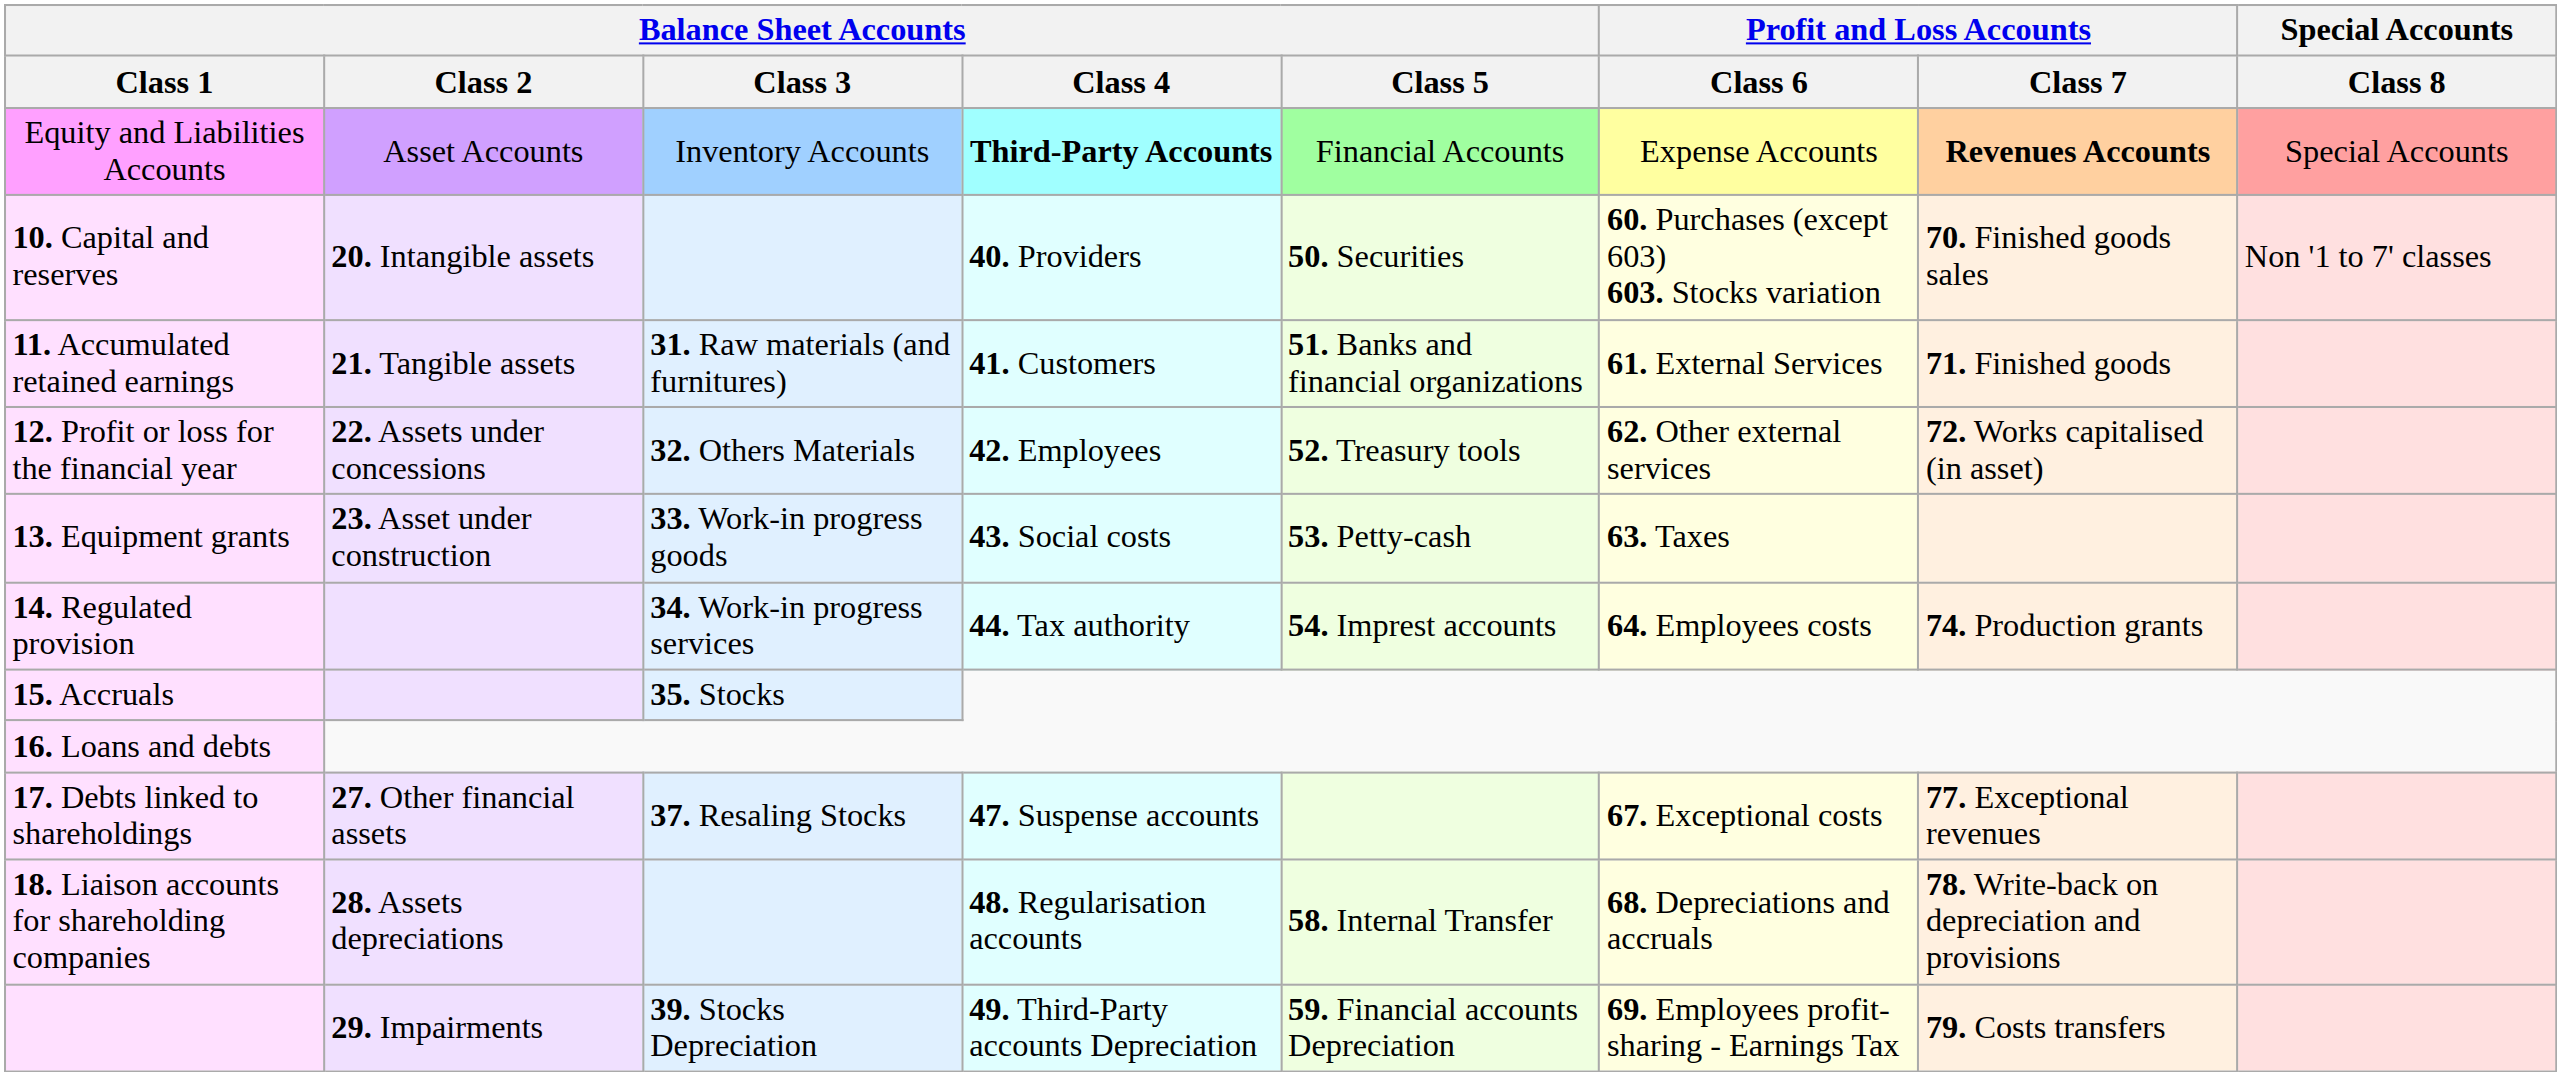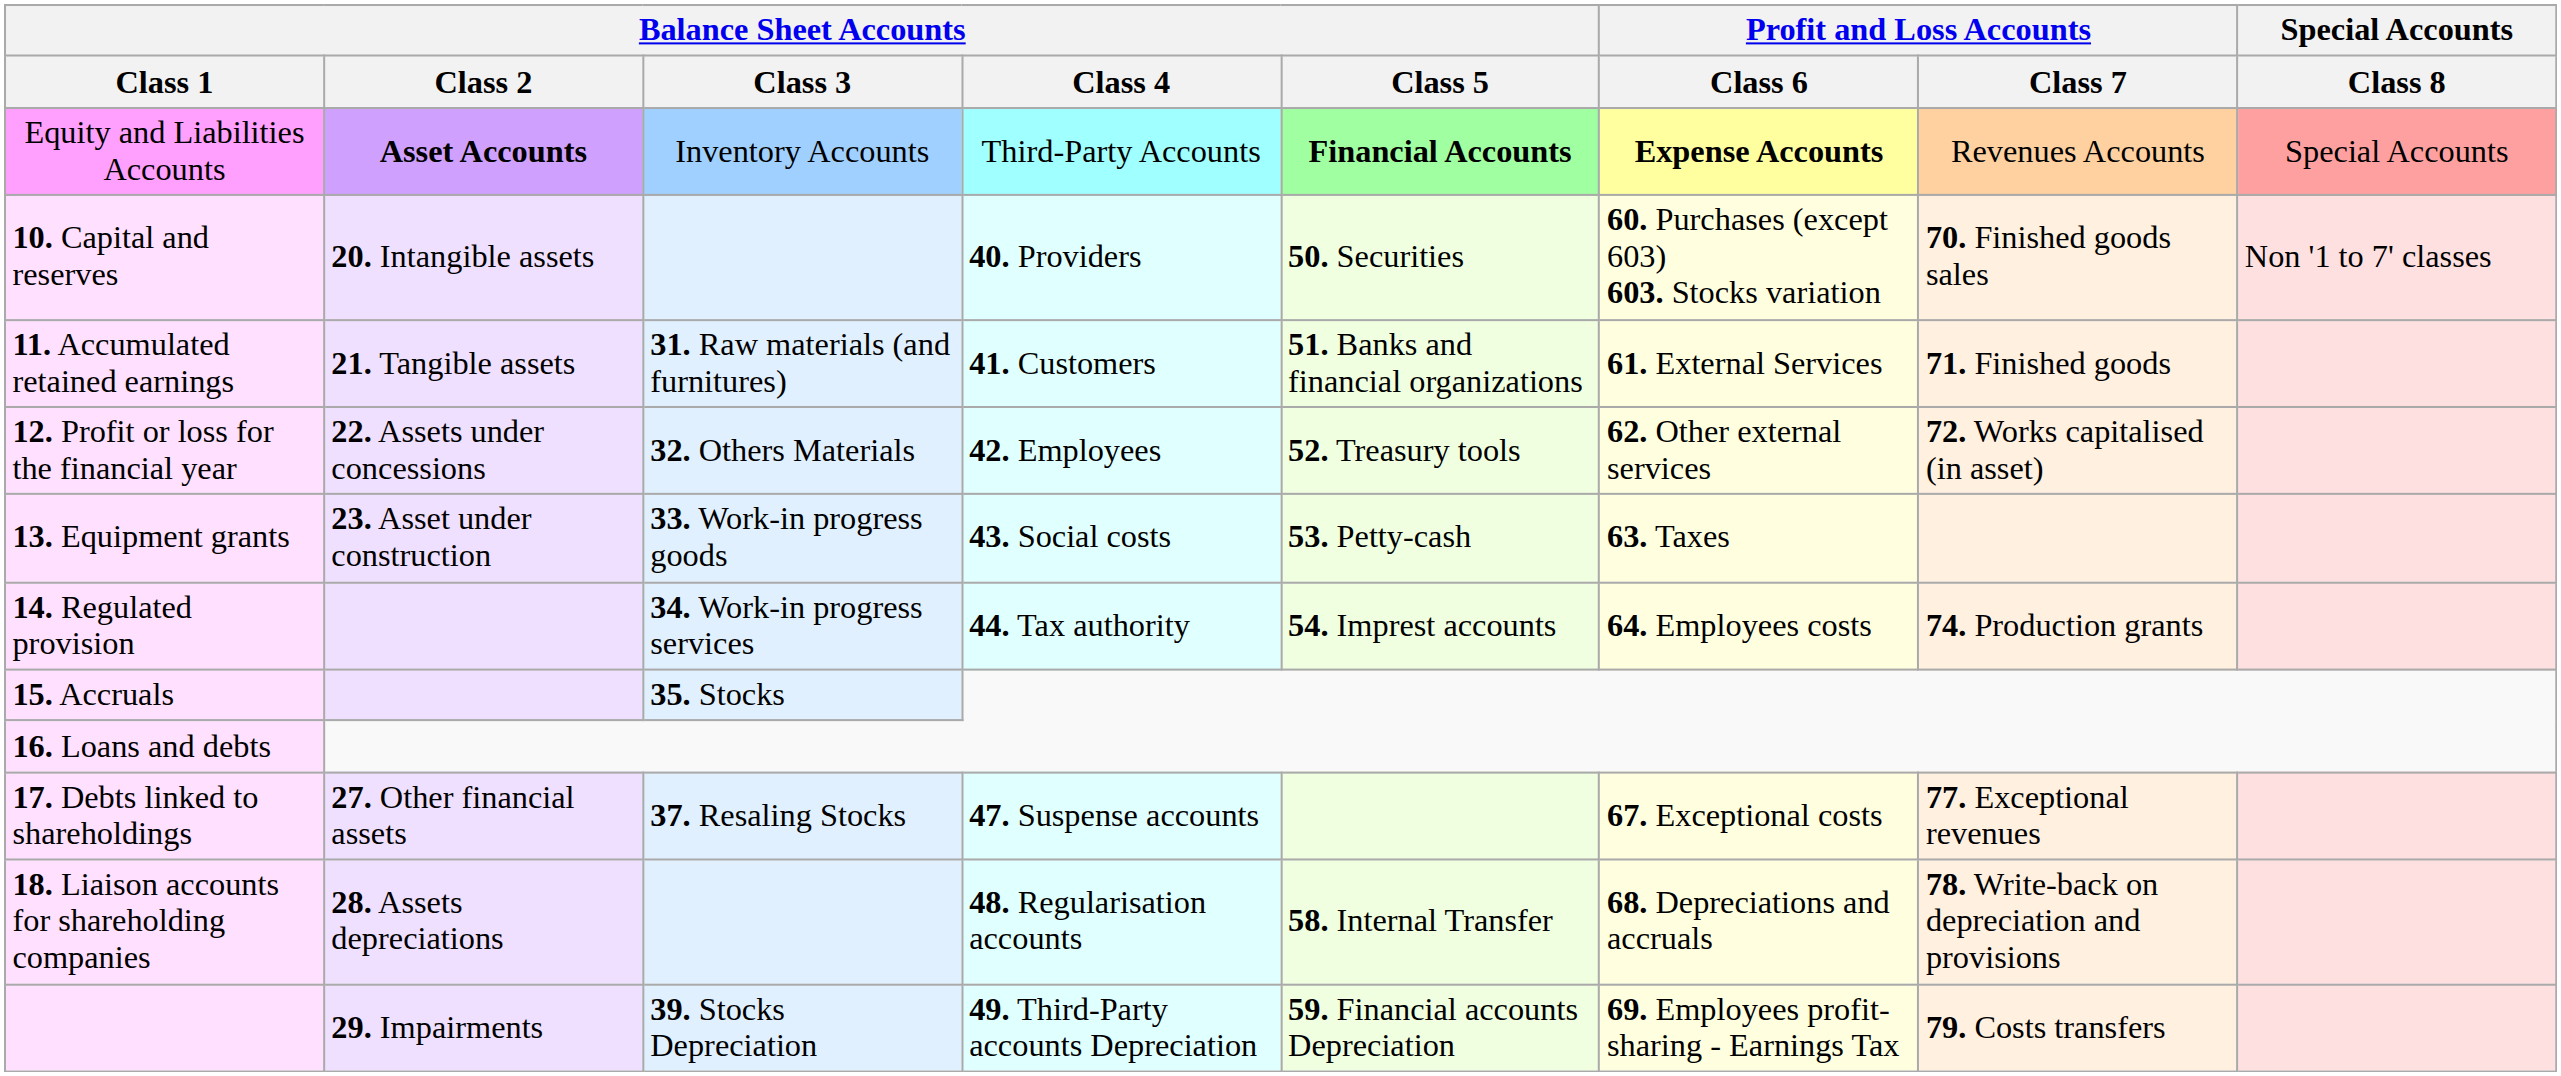 <table width="100%" class="wikitable">
 <tr>
 <th colspan="5"><a href='#'>Balance Sheet Accounts</a></th>
 <th colspan="2"><a href='#'>Profit and Loss Accounts</a></th>
 <th>Special Accounts</th>
 </tr>
 <tr>
 <th width="12.5%" bgcolor="#ffa0ff">Class 1</th>
 <th width="12.5%" bgcolor="#d0a0ff">Class 2</th>
 <th width="12.5%" bgcolor="#a0d0ff">Class 3</th>
 <th width="12.5%" bgcolor="#a0ffff">Class 4</th>
 <th width="12.5%" bgcolor="#a0ffa0">Class 5</th>
 <th width="12.5%" bgcolor="#ffffa0">Class 6</th>
 <th width="12.5%" bgcolor="#ffd0a0">Class 7</th>
 <th width="12.5%" bgcolor="#ffa0a0">Class 8</th>
 </tr>
 <tr>
 <td align="center" bgcolor="#ffa0ff">Equity and Liabilities Accounts</td>
-<td align="center" bgcolor="#d0a0ff">Asset Accounts</td>
+<td align="center" bgcolor="#d0a0ff"><strong>Asset Accounts</strong></td>
 <td align="center" bgcolor="#a0d0ff">Inventory Accounts</td>
-<td align="center" bgcolor="#a0ffff"><strong>Third-Party Accounts</strong></td>
-<td align="center" bgcolor="#a0ffa0">Financial Accounts</td>
-<td align="center" bgcolor="#ffffa0">Expense Accounts</td>
-<td align="center" bgcolor="#ffd0a0"><strong>Revenues Accounts</strong></td>
+<td align="center" bgcolor="#a0ffff">Third-Party Accounts</td>
+<td align="center" bgcolor="#a0ffa0"><strong>Financial Accounts</strong></td>
+<td align="center" bgcolor="#ffffa0"><strong>Expense Accounts</strong></td>
+<td align="center" bgcolor="#ffd0a0">Revenues Accounts</td>
 <td align="center" bgcolor="#ffa0a0">Special Accounts</td>
 </tr>
 <tr>
 <td bgcolor="#ffe0ff"><strong>10.</strong> Capital and reserves</td>
 <td bgcolor="#f0e0ff"><strong>20.</strong> Intangible assets</td>
 <td bgcolor="#e0f0ff"></td>
 <td bgcolor="#e0ffff"><strong>40.</strong> Providers</td>
 <td bgcolor="#efffe0"><strong>50.</strong> Securities</td>
 <td bgcolor="#ffffe0"><strong>60.</strong> Purchases (except 603)<br><strong>603.</strong> Stocks variation</td>
 <td bgcolor="#fff0e0"><strong>70.</strong> Finished goods sales</td>
 <td bgcolor="#ffe0e0">Non '1 to 7' classes</td>
 </tr>
 <tr>
 <td bgcolor="#ffe0ff"><strong>11.</strong> Accumulated retained earnings</td>
 <td bgcolor="#f0e0ff"><strong>21.</strong> Tangible assets</td>
 <td bgcolor="#e0f0ff"><strong>31.</strong> Raw materials (and furnitures)</td>
 <td bgcolor="#e0ffff"><strong>41.</strong> Customers</td>
 <td bgcolor="#efffe0"><strong>51.</strong> Banks and financial organizations</td>
 <td bgcolor="#ffffe0"><strong>61.</strong> External Services</td>
 <td bgcolor="#fff0e0"><strong>71.</strong> Finished goods</td>
 <td bgcolor="#ffe0e0"></td>
 </tr>
 <tr>
 <td bgcolor="#ffe0ff"><strong>12.</strong> Profit or loss for the financial year</td>
 <td bgcolor="#f0e0ff"><strong>22.</strong> Assets under concessions</td>
 <td bgcolor="#e0f0ff"><strong>32.</strong> Others Materials</td>
 <td bgcolor="#e0ffff"><strong>42.</strong> Employees</td>
 <td bgcolor="#efffe0"><strong>52.</strong> Treasury tools</td>
 <td bgcolor="#ffffe0"><strong>62.</strong> Other external services</td>
 <td bgcolor="#fff0e0"><strong>72.</strong> Works capitalised (in asset)</td>
 <td bgcolor="#ffe0e0"></td>
 </tr>
 <tr>
 <td bgcolor="#ffe0ff"><strong>13.</strong> Equipment grants</td>
 <td bgcolor="#f0e0ff"><strong>23.</strong> Asset under construction</td>
 <td bgcolor="#e0f0ff"><strong>33.</strong> Work-in progress goods</td>
 <td bgcolor="#e0ffff"><strong>43.</strong> Social costs</td>
 <td bgcolor="#efffe0"><strong>53.</strong> Petty-cash</td>
 <td bgcolor="#ffffe0"><strong>63.</strong> Taxes</td>
 <td bgcolor="#fff0e0"></td>
 <td bgcolor="#ffe0e0"></td>
 </tr>
 <tr>
 <td bgcolor="#ffe0ff"><strong>14.</strong> Regulated provision</td>
 <td bgcolor="#f0e0ff"></td>
 <td bgcolor="#e0f0ff"><strong>34.</strong> Work-in progress services</td>
 <td bgcolor="#e0ffff"><strong>44.</strong> Tax authority</td>
 <td bgcolor="#efffe0"><strong>54.</strong> Imprest accounts</td>
 <td bgcolor="#ffffe0"><strong>64.</strong> Employees costs</td>
 <td bgcolor="#fff0e0"><strong>74.</strong> Production grants</td>
 <td bgcolor="#ffe0e0"></td>
 </tr>
 <tr>
 <td bgcolor="#ffe0ff"><strong>15.</strong> Accruals</td>
 <td bgcolor="#f0e0ff"></td>
 <td bgcolor="#e0f0ff"><strong>35.</strong> Stocks</td>
 </tr>
 <tr>
 <td bgcolor="#ffe0ff"><strong>16.</strong> Loans and debts</td>
 </tr>
 <tr>
 <td bgcolor="#ffe0ff"><strong>17.</strong> Debts linked to shareholdings</td>
 <td bgcolor="#f0e0ff"><strong>27.</strong> Other financial assets</td>
 <td bgcolor="#e0f0ff"><strong>37.</strong> Resaling Stocks</td>
 <td bgcolor="#e0ffff"><strong>47.</strong> Suspense accounts</td>
 <td bgcolor="#efffe0"></td>
 <td bgcolor="#ffffe0"><strong>67.</strong> Exceptional costs</td>
 <td bgcolor="#fff0e0"><strong>77.</strong> Exceptional revenues</td>
 <td bgcolor="#ffe0e0"></td>
 </tr>
 <tr>
 <td bgcolor="#ffe0ff"><strong>18.</strong> Liaison accounts for shareholding companies</td>
 <td bgcolor="#f0e0ff"><strong>28.</strong> Assets depreciations</td>
 <td bgcolor="#e0f0ff"></td>
 <td bgcolor="#e0ffff"><strong>48.</strong> Regularisation accounts</td>
 <td bgcolor="#efffe0"><strong>58.</strong> Internal Transfer</td>
 <td bgcolor="#ffffe0"><strong>68.</strong> Depreciations and accruals</td>
 <td bgcolor="#fff0e0"><strong>78.</strong> Write-back on depreciation and provisions</td>
 <td bgcolor="#ffe0e0"></td>
 </tr>
 <tr>
 <td bgcolor="#ffe0ff"></td>
 <td bgcolor="#f0e0ff"><strong>29.</strong> Impairments</td>
 <td bgcolor="#e0f0ff"><strong>39.</strong> Stocks Depreciation</td>
 <td bgcolor="#e0ffff"><strong>49.</strong> Third-Party accounts Depreciation</td>
 <td bgcolor="#efffe0"><strong>59.</strong> Financial accounts Depreciation</td>
 <td bgcolor="#ffffe0"><strong>69.</strong> Employees profit-sharing - Earnings Tax</td>
 <td bgcolor="#fff0e0"><strong>79.</strong> Costs transfers</td>
 <td bgcolor="#ffe0e0"></td>
 </tr>
 </table>
